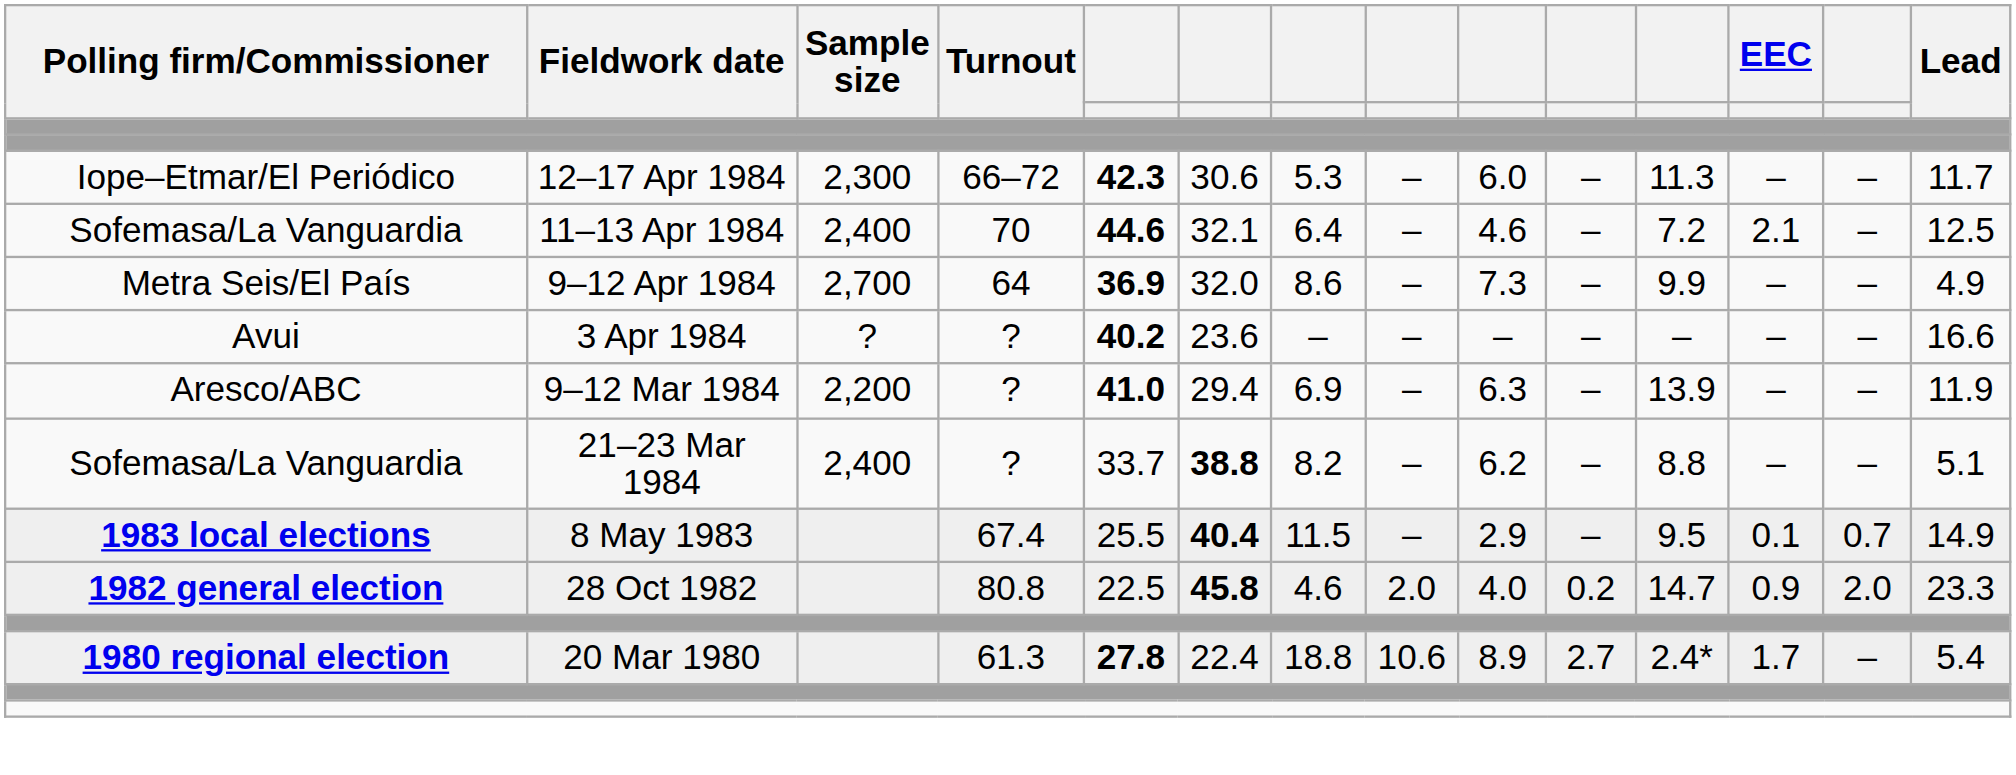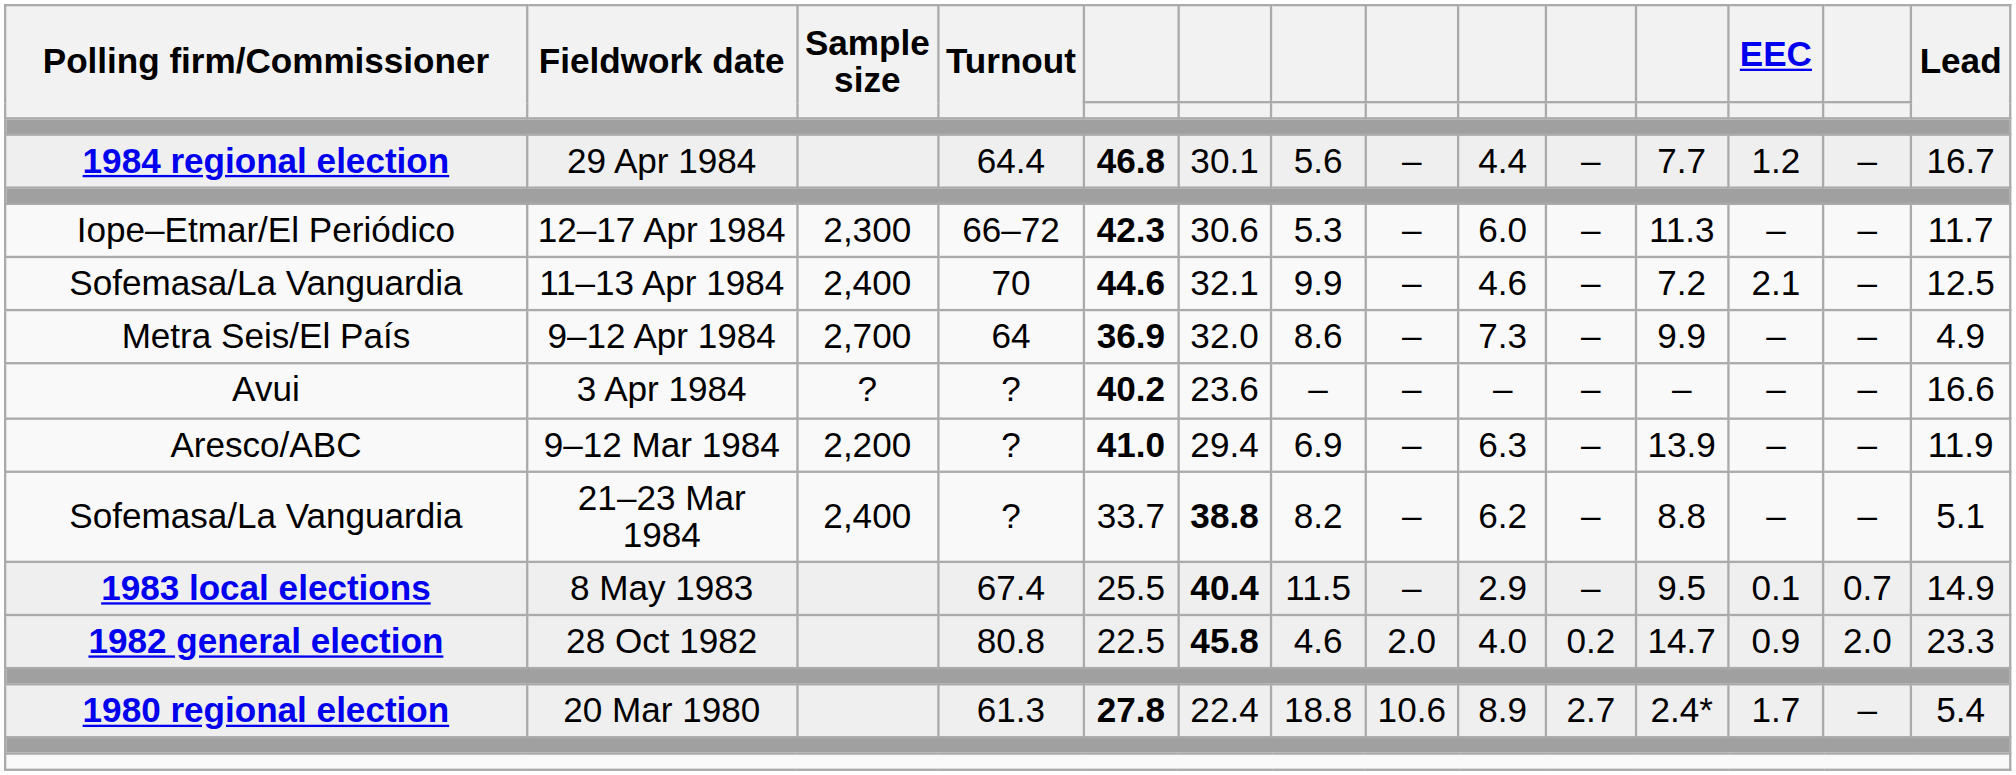 <table class="wikitable collapsible collapsed" style="text-align:center; font-size:95%; line-height:16px;">
 <tr style="height:42px;">
 <th style="width:250px;" rowspan="2">Polling firm/Commissioner</th>
 <th style="width:125px;" rowspan="2">Fieldwork date</th>
 <th style="width:50px;" rowspan="2">Sample size</th>
 <th style="width:45px;" rowspan="2">Turnout</th>
 <th style="width:35px;"></th>
 <th style="width:35px;"></th>
 <th style="width:35px;"></th>
 <th style="width:35px;"></th>
 <th style="width:35px;"></th>
 <th style="width:35px;"></th>
 <th style="width:35px;"></th>
 <th style="width:35px;"><a href='#'>EEC</a></th>
 <th style="width:35px;"></th>
 <th style="width:30px;" rowspan="2">Lead</th>
 </tr>
 <tr>
 <th style="color:inherit;background:"></th>
 <th style="color:inherit;background:"></th>
 <th style="color:inherit;background:"></th>
 <th style="color:inherit;background:"></th>
 <th style="color:inherit;background:"></th>
 <th style="color:inherit;background:"></th>
 <th style="color:inherit;background:"></th>
 <th style="color:inherit;background:"></th>
 <th style="color:inherit;background:"></th>
 </tr>
 <tr>
 <td colspan="14" style="background:#A0A0A0"></td>
 </tr>
+<tr style="background:#EFEFEF;">
+<td><strong><a href='#'>1984 regional election</a></strong></td>
+<td>29 Apr 1984</td>
+<td></td>
+<td>64.4</td>
+<td><strong>46.8</strong><br></td>
+<td>30.1<br></td>
+<td>5.6<br></td>
+<td>–</td>
+<td>4.4<br></td>
+<td>–</td>
+<td>7.7<br></td>
+<td>1.2<br></td>
+<td>–</td>
+<td style="background:">16.7</td>
+</tr>
 <tr>
 <td colspan="14" style="background:#A0A0A0"></td>
 </tr>
 <tr>
 <td>Iope–Etmar/El Periódico</td>
 <td>12–17 Apr 1984</td>
 <td>2,300</td>
 <td>66–72</td>
 <td><strong>42.3</strong><br></td>
 <td>30.6<br></td>
 <td>5.3<br></td>
 <td>–</td>
 <td>6.0<br></td>
 <td>–</td>
 <td>11.3<br></td>
 <td>–</td>
 <td>–</td>
 <td style="background:">11.7</td>
 </tr>
 <tr>
 <td>Sofemasa/La Vanguardia</td>
 <td>11–13 Apr 1984</td>
 <td>2,400</td>
 <td>70</td>
 <td><strong>44.6</strong><br></td>
 <td>32.1<br></td>
-<td>6.4<br></td>
+<td>9.9<br></td>
 <td>–</td>
 <td>4.6<br></td>
 <td>–</td>
 <td>7.2<br></td>
 <td>2.1<br></td>
 <td>–</td>
 <td style="background:">12.5</td>
 </tr>
 <tr>
 <td>Metra Seis/El País</td>
 <td>9–12 Apr 1984</td>
 <td>2,700</td>
 <td>64</td>
 <td><strong>36.9</strong><br></td>
 <td>32.0<br></td>
 <td>8.6<br></td>
 <td>–</td>
 <td>7.3<br></td>
 <td>–</td>
 <td>9.9<br></td>
 <td>–</td>
 <td>–</td>
 <td style="background:">4.9</td>
 </tr>
 <tr>
 <td>Avui</td>
 <td>3 Apr 1984</td>
 <td>?</td>
 <td>?</td>
 <td><strong>40.2</strong></td>
 <td>23.6</td>
 <td>–</td>
 <td>–</td>
 <td>–</td>
 <td>–</td>
 <td>–</td>
 <td>–</td>
 <td>–</td>
 <td style="background:">16.6</td>
 </tr>
 <tr>
 <td>Aresco/ABC</td>
 <td>9–12 Mar 1984</td>
 <td>2,200</td>
 <td>?</td>
 <td><strong>41.0</strong><br></td>
 <td>29.4<br></td>
 <td>6.9<br></td>
 <td>–</td>
 <td>6.3<br></td>
 <td>–</td>
 <td>13.9<br></td>
 <td>–</td>
 <td>–</td>
 <td style="background:">11.9</td>
 </tr>
 <tr>
 <td>Sofemasa/La Vanguardia</td>
 <td>21–23 Mar 1984</td>
 <td>2,400</td>
 <td>?</td>
 <td>33.7<br></td>
 <td><strong>38.8</strong><br></td>
 <td>8.2<br></td>
 <td>–</td>
 <td>6.2<br></td>
 <td>–</td>
 <td>8.8<br></td>
 <td>–</td>
 <td>–</td>
 <td style="background:">5.1</td>
 </tr>
 <tr style="background:#EFEFEF;">
 <td><strong><a href='#'>1983 local elections</a></strong></td>
 <td>8 May 1983</td>
 <td></td>
 <td>67.4</td>
 <td>25.5</td>
 <td><strong>40.4</strong></td>
 <td>11.5</td>
 <td>–</td>
 <td>2.9</td>
 <td>–</td>
 <td>9.5</td>
 <td>0.1</td>
 <td>0.7</td>
 <td style="background:">14.9</td>
 </tr>
 <tr style="background:#EFEFEF;">
 <td><strong><a href='#'>1982 general election</a></strong></td>
 <td>28 Oct 1982</td>
 <td></td>
 <td>80.8</td>
 <td>22.5<br></td>
 <td><strong>45.8</strong><br></td>
 <td>4.6<br></td>
 <td>2.0<br></td>
 <td>4.0<br></td>
 <td>0.2<br></td>
 <td>14.7<br></td>
 <td>0.9<br></td>
 <td>2.0<br></td>
 <td style="background:">23.3</td>
 </tr>
 <tr>
 <td colspan="14" style="background:#A0A0A0"></td>
 </tr>
 <tr style="background:#EFEFEF;">
 <td><strong><a href='#'>1980 regional election</a></strong></td>
 <td>20 Mar 1980</td>
 <td></td>
 <td>61.3</td>
 <td><strong>27.8</strong><br></td>
 <td>22.4<br></td>
 <td>18.8<br></td>
 <td>10.6<br></td>
 <td>8.9<br></td>
 <td>2.7<br></td>
 <td>2.4*<br></td>
 <td>1.7<br></td>
 <td>–</td>
 <td style="background:">5.4</td>
 </tr>
 <tr>
 <td colspan="14" style="background:#A0A0A0"></td>
 </tr>
 <tr>
 <td align="left" colspan="14"></td>
 </tr>
 </table>
